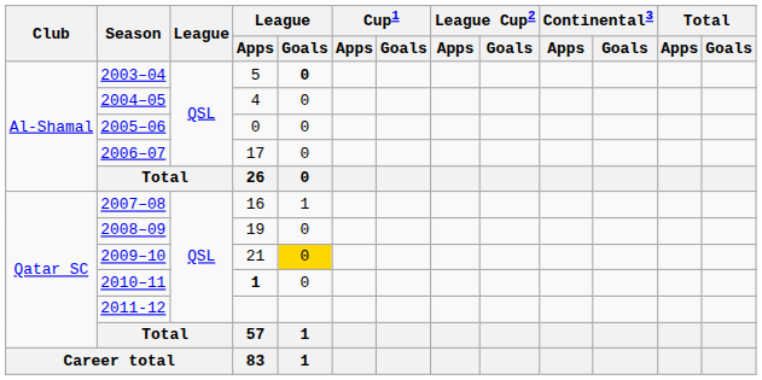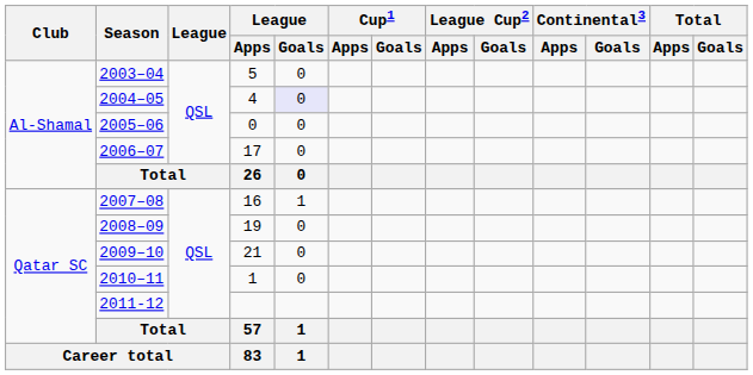 <table class="wikitable" style="font-size:90%; text-align:center;">
 <tr>
 <th rowspan="2">Club</th>
 <th rowspan="2">Season</th>
 <th rowspan="2">League</th>
 <th colspan="2">League</th>
 <th colspan="2">Cup<sup><a href='#'>1</a></sup></th>
 <th colspan="2">League Cup<sup><a href='#'>2</a></sup></th>
 <th colspan="2">Continental<sup><a href='#'>3</a></sup></th>
 <th colspan="2">Total</th>
 </tr>
 <tr>
 <th>Apps</th>
 <th>Goals</th>
 <th>Apps</th>
 <th>Goals</th>
 <th>Apps</th>
 <th>Goals</th>
 <th>Apps</th>
 <th>Goals</th>
 <th>Apps</th>
 <th>Goals</th>
 </tr>
 <tr>
 <td rowspan="5"><a href='#'>Al-Shamal</a></td>
 <td><a href='#'>2003–04</a></td>
 <td rowspan="4" valign="center"><a href='#'>QSL</a></td>
 <td>5</td>
-<td><strong>0</strong></td>
+<td>0</td>
 <td></td>
 <td></td>
 <td></td>
 <td></td>
 <td></td>
 <td></td>
 <td></td>
 <td></td>
 </tr>
 <tr>
 <td><a href='#'>2004–05</a></td>
 <td>4</td>
-<td>0</td>
+<td style="background: lavender;">0</td>
 <td></td>
 <td></td>
 <td></td>
 <td></td>
 <td></td>
 <td></td>
 <td></td>
 <td></td>
 </tr>
 <tr>
 <td><a href='#'>2005–06</a></td>
 <td>0</td>
 <td>0</td>
 <td></td>
 <td></td>
 <td></td>
 <td></td>
 <td></td>
 <td></td>
 <td></td>
 <td></td>
 </tr>
 <tr>
 <td><a href='#'>2006–07</a></td>
 <td>17</td>
 <td>0</td>
 <td></td>
 <td></td>
 <td></td>
 <td></td>
 <td></td>
 <td></td>
 <td></td>
 <td></td>
 </tr>
 <tr>
 <th colspan="2">Total</th>
 <th>26</th>
 <th>0</th>
 <th></th>
 <th></th>
 <th></th>
 <th></th>
 <th></th>
 <th></th>
 <th></th>
 <th></th>
 </tr>
 <tr>
 <td rowspan="6"><a href='#'>Qatar SC</a></td>
 <td><a href='#'>2007–08</a></td>
 <td rowspan="5" valign="center"><a href='#'>QSL</a></td>
 <td>16</td>
 <td>1</td>
 <td></td>
 <td></td>
 <td></td>
 <td></td>
 <td></td>
 <td></td>
 <td></td>
 <td></td>
 </tr>
 <tr>
 <td><a href='#'>2008–09</a></td>
 <td>19</td>
 <td>0</td>
 <td></td>
 <td></td>
 <td></td>
 <td></td>
 <td></td>
 <td></td>
 <td></td>
 <td></td>
 </tr>
 <tr>
 <td><a href='#'>2009–10</a></td>
 <td>21</td>
-<td style="background: gold;">0</td>
+<td>0</td>
 <td></td>
 <td></td>
 <td></td>
 <td></td>
 <td></td>
 <td></td>
 <td></td>
 <td></td>
 </tr>
 <tr>
 <td><a href='#'>2010–11</a></td>
-<td><strong>1</strong></td>
+<td>1</td>
 <td>0</td>
 <td></td>
 <td></td>
 <td></td>
 <td></td>
 <td></td>
 <td></td>
 <td></td>
 <td></td>
 </tr>
 <tr>
 <td><a href='#'>2011-12</a></td>
 <td></td>
 <td></td>
 <td></td>
 <td></td>
 <td></td>
 <td></td>
 <td></td>
 <td></td>
 <td></td>
 <td></td>
 </tr>
 <tr>
 <th colspan="2">Total</th>
 <th>57</th>
 <th>1</th>
 <th></th>
 <th></th>
 <th></th>
 <th></th>
 <th></th>
 <th></th>
 <th></th>
 <th></th>
 </tr>
 <tr>
 <th colspan="3">Career total</th>
 <th>83</th>
 <th>1</th>
 <th></th>
 <th></th>
 <th></th>
 <th></th>
 <th></th>
 <th></th>
 <th></th>
 <th></th>
 </tr>
 </table>
